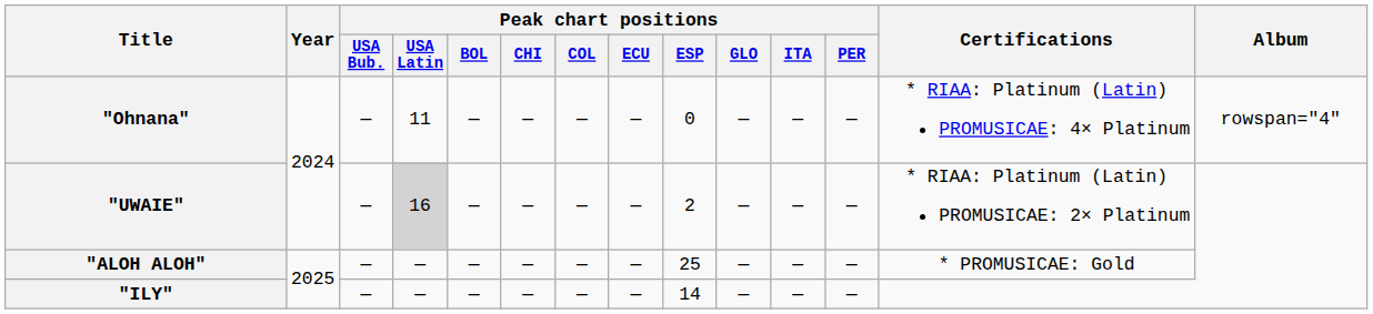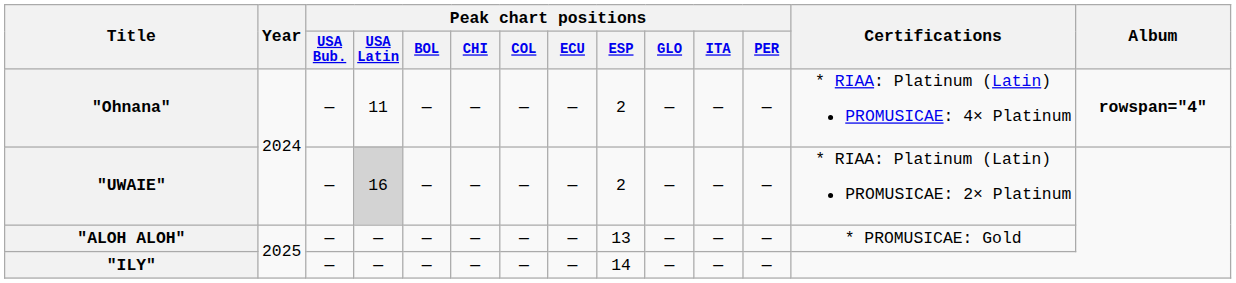 <table class="wikitable plainrowheaders" style="text-align:center;">
 <tr>
 <th rowspan="2" scope="col" style="width:15em;">Title</th>
 <th rowspan="2" scope="col" style="width:1em;">Year</th>
 <th colspan="10">Peak chart positions</th>
 <th rowspan="2">Certifications</th>
 <th rowspan="2" scope="col" style="width:9em;">Album</th>
 </tr>
 <tr>
 <th scope="col" style="width:3em;font-size:85%;"><a href='#'>USA<br>Bub.</a><br></th>
 <th scope="col" style="width:3em;font-size:85%;"><a href='#'>USA<br>Latin</a><br></th>
 <th scope="col" style="width:3em;font-size:85%;"><a href='#'>BOL</a><br></th>
 <th scope="col" style="width:3em;font-size:85%;"><a href='#'>CHI</a><br></th>
 <th scope="col" style="width:3em;font-size:85%;"><a href='#'>COL</a><br></th>
 <th scope="col" style="width:3em;font-size:85%;"><a href='#'>ECU</a><br></th>
 <th scope="col" style="width:3em;font-size:85%;"><a href='#'>ESP</a><br></th>
 <th scope="col" style="width:3em;font-size:85%;"><a href='#'>GLO</a><br></th>
 <th scope="col" style="width:3em;font-size:85%;"><a href='#'>ITA</a><br></th>
 <th scope="col" style="width:3em;font-size:85%;"><a href='#'>PER</a></th>
 </tr>
 <tr>
 <th scope="row">"Ohnana"<br></th>
 <td rowspan="2">2024</td>
 <td>—</td>
 <td>11</td>
 <td>—</td>
 <td>—</td>
 <td>—</td>
 <td>—</td>
-<td>0</td>
+<td>2</td>
 <td>—</td>
 <td>—</td>
 <td>—</td>
 <td>* <a href='#'>RIAA</a>: Platinum <span>(<a href='#'>Latin</a>)</span><br><ul><li><a href='#'>PROMUSICAE</a>: 4× Platinum</li></ul></td>
-<td>rowspan="4" </td>
+<td><strong>rowspan="4" </strong></td>
 </tr>
 <tr>
 <th scope="row">"UWAIE"<br></th>
 <td>—</td>
 <td style="background: lightgrey;">16</td>
 <td>—</td>
 <td>—</td>
 <td>—</td>
 <td>—</td>
 <td>2</td>
 <td>—</td>
 <td>—</td>
 <td>—</td>
 <td>* RIAA: Platinum <span>(Latin)</span><br><ul><li>PROMUSICAE: 2× Platinum</li></ul></td>
 </tr>
 <tr>
 <th scope="row">"ALOH ALOH"</th>
 <td rowspan="2">2025</td>
 <td>—</td>
 <td>—</td>
 <td>—</td>
 <td>—</td>
 <td>—</td>
 <td>—</td>
-<td>25</td>
+<td>13</td>
 <td>—</td>
 <td>—</td>
 <td>—</td>
 <td>* PROMUSICAE: Gold</td>
 </tr>
 <tr>
 <th scope="row">"ILY"<br></th>
 <td>—</td>
 <td>—</td>
 <td>—</td>
 <td>—</td>
 <td>—</td>
 <td>—</td>
 <td>14</td>
 <td>—</td>
 <td>—</td>
 <td>—</td>
 </tr>
 </table>
